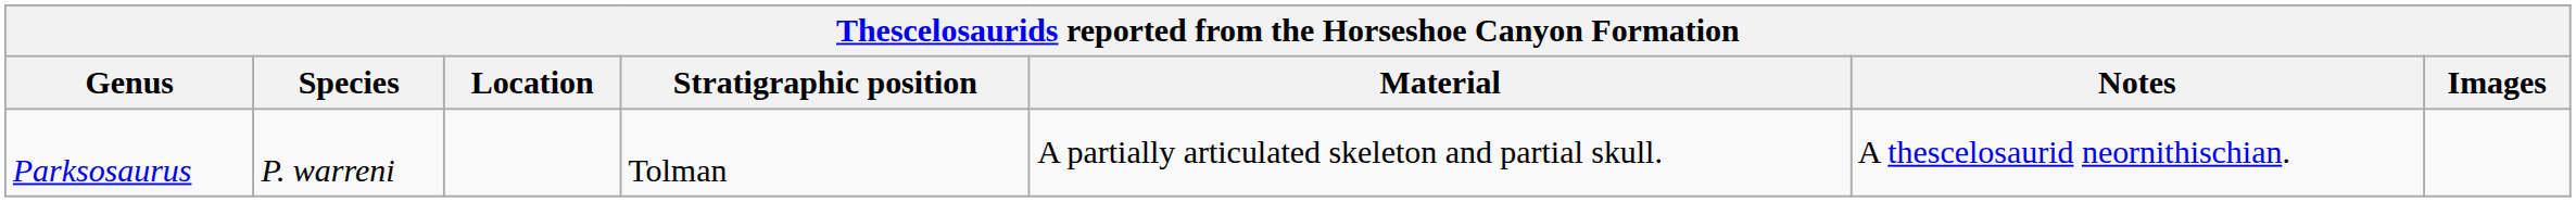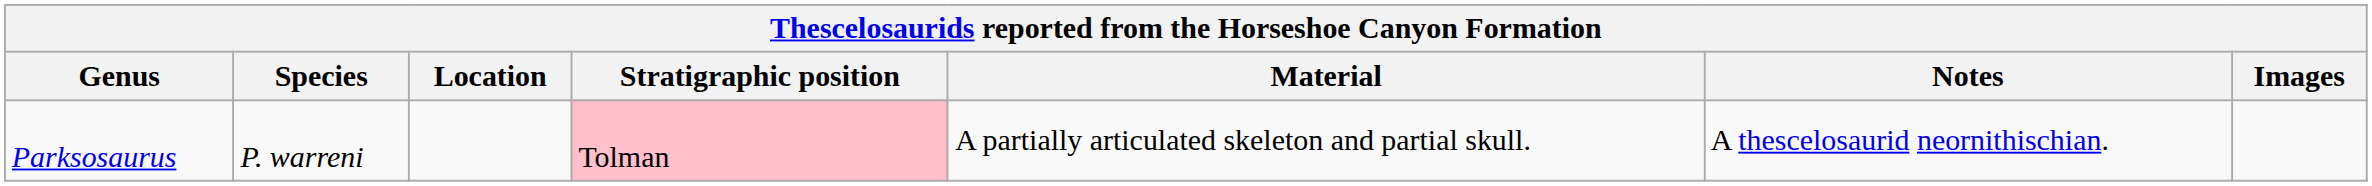 <table class="wikitable" align="center" width="100%">
 <tr>
 <th colspan="7" align="center"><strong><a href='#'>Thescelosaurids</a> reported from the Horseshoe Canyon Formation</strong></th>
 </tr>
 <tr>
 <th>Genus</th>
 <th>Species</th>
 <th>Location</th>
 <th>Stratigraphic position</th>
 <th>Material</th>
 <th>Notes</th>
 <th>Images</th>
 </tr>
 <tr>
 <td><br><em><a href='#'>Parksosaurus</a></em></td>
 <td><br><em>P. warreni</em></td>
 <td></td>
-<td><br>Tolman</td>
+<td style="background: pink;"><br>Tolman</td>
 <td>A partially articulated skeleton and partial skull.</td>
 <td>A <a href='#'>thescelosaurid</a> <a href='#'>neornithischian</a>.</td>
 <td></td>
 </tr>
 </table>
